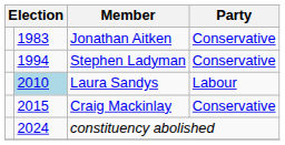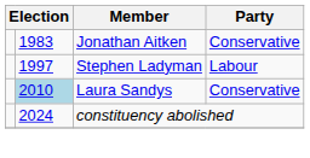 <table class="wikitable">
 <tr>
 <th colspan="2">Election</th>
 <th>Member</th>
 <th>Party</th>
 </tr>
 <tr>
 <td style="color:inherit;background-color: "></td>
 <td><a href='#'>1983</a></td>
 <td><a href='#'>Jonathan Aitken</a></td>
 <td><a href='#'>Conservative</a></td>
 </tr>
 <tr>
 <td style="color:inherit;background-color: "></td>
-<td><a href='#'>1994</a></td>
+<td><a href='#'>1997</a></td>
 <td><a href='#'>Stephen Ladyman</a></td>
-<td><a href='#'>Conservative</a></td>
+<td><a href='#'>Labour</a></td>
 </tr>
 <tr>
 <td style="color:inherit;background-color: "></td>
 <td style="background: lightblue;"><a href='#'>2010</a></td>
 <td><a href='#'>Laura Sandys</a></td>
-<td><a href='#'>Labour</a></td>
-</tr>
-<tr>
-<td style="color:inherit;background-color: "></td>
-<td><a href='#'>2015</a></td>
-<td><a href='#'>Craig Mackinlay</a></td>
 <td><a href='#'>Conservative</a></td>
 </tr>
 <tr>
 <td></td>
 <td><a href='#'>2024</a></td>
 <td colspan="2"><em>constituency abolished</em></td>
 </tr>
 <tr>
 </tr>
 </table>
